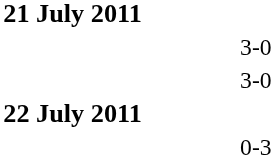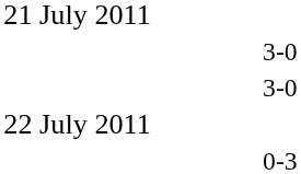 <table style="width:50%;" cellspacing="1">
 <tr>
 <th width=15%></th>
 <th width=10%></th>
 <th width=15%></th>
 </tr>
 <tr>
-<td><strong>21 July 2011</strong></td>
+<td>21 July 2011</td>
 </tr>
 <tr style=font-size:90%>
 <td align=right></td>
 <td align=center>3-0</td>
 <td></td>
 </tr>
 <tr style=font-size:90%>
 <td align=right></td>
 <td align=center>3-0</td>
 <td></td>
 </tr>
 <tr>
-<td><strong>22 July 2011</strong></td>
+<td>22 July 2011</td>
 </tr>
 <tr style=font-size:90%>
 <td align=right></td>
 <td align=center>0-3</td>
 <td></td>
 </tr>
 </table>
